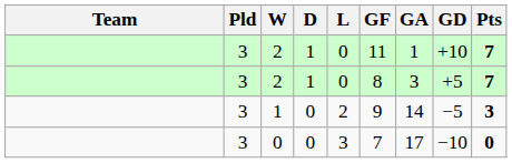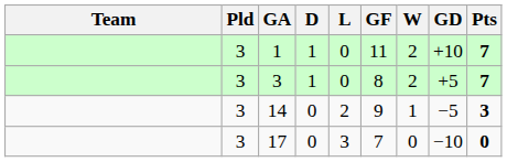 <table class="wikitable" style="text-align: center;">
 <tr>
 <th width="175">Team</th>
 <th width="20">Pld</th>
-<th width="20">W</th>
+<th width="20">GA</th>
 <th width="20">D</th>
 <th width="20">L</th>
 <th width="20">GF</th>
-<th width="20">GA</th>
+<th width="20">W</th>
 <th width="20">GD</th>
 <th width="20">Pts</th>
 </tr>
 <tr bgcolor="#ccffcc">
 <td align="left"></td>
 <td>3</td>
-<td>2</td>
+<td>1</td>
 <td>1</td>
 <td>0</td>
 <td>11</td>
-<td>1</td>
+<td>2</td>
 <td>+10</td>
 <td><strong>7</strong></td>
 </tr>
 <tr bgcolor="#ccffcc">
 <td align="left"></td>
 <td>3</td>
-<td>2</td>
+<td>3</td>
 <td>1</td>
 <td>0</td>
 <td>8</td>
-<td>3</td>
+<td>2</td>
 <td>+5</td>
 <td><strong>7</strong></td>
 </tr>
 <tr>
 <td align="left"></td>
 <td>3</td>
-<td>1</td>
+<td>14</td>
 <td>0</td>
 <td>2</td>
 <td>9</td>
-<td>14</td>
+<td>1</td>
 <td>−5</td>
 <td><strong>3</strong></td>
 </tr>
 <tr>
 <td align="left"></td>
 <td>3</td>
-<td>0</td>
+<td>17</td>
 <td>0</td>
 <td>3</td>
 <td>7</td>
-<td>17</td>
+<td>0</td>
 <td>−10</td>
 <td><strong>0</strong></td>
 </tr>
 </table>
